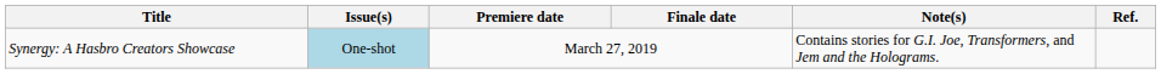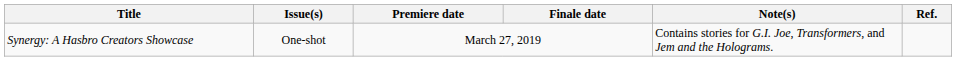 <table class="wikitable" width="100%">
 <tr>
 <th scope="col" width="25%">Title</th>
 <th scope="col" width="10%">Issue(s)</th>
 <th scope="col" width="15%">Premiere date</th>
 <th scope="col" width="15%">Finale date</th>
 <th scope="col" width="25%">Note(s)</th>
 <th scope="col" width="5%">Ref.</th>
 </tr>
 <tr>
 <td><em>Synergy: A Hasbro Creators Showcase</em></td>
-<td style="background: lightblue; text-align: center;">One-shot</td>
+<td style="text-align: center;">One-shot</td>
 <td style="text-align: center;" colspan="2">March 27, 2019</td>
 <td>Contains stories for <em>G.I. Joe</em>, <em>Transformers</em>, and <em>Jem and the Holograms</em>.</td>
 <td></td>
 </tr>
 </table>
